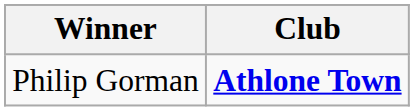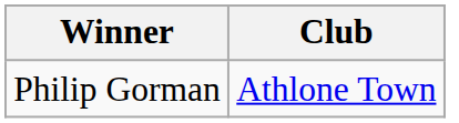 <table class="wikitable">
 <tr>
 <th>Winner</th>
 <th>Club</th>
 </tr>
 <tr>
 <td>Philip Gorman</td>
-<td><strong><a href='#'>Athlone Town</a></strong></td>
+<td><a href='#'>Athlone Town</a></td>
 </tr>
 </table>
